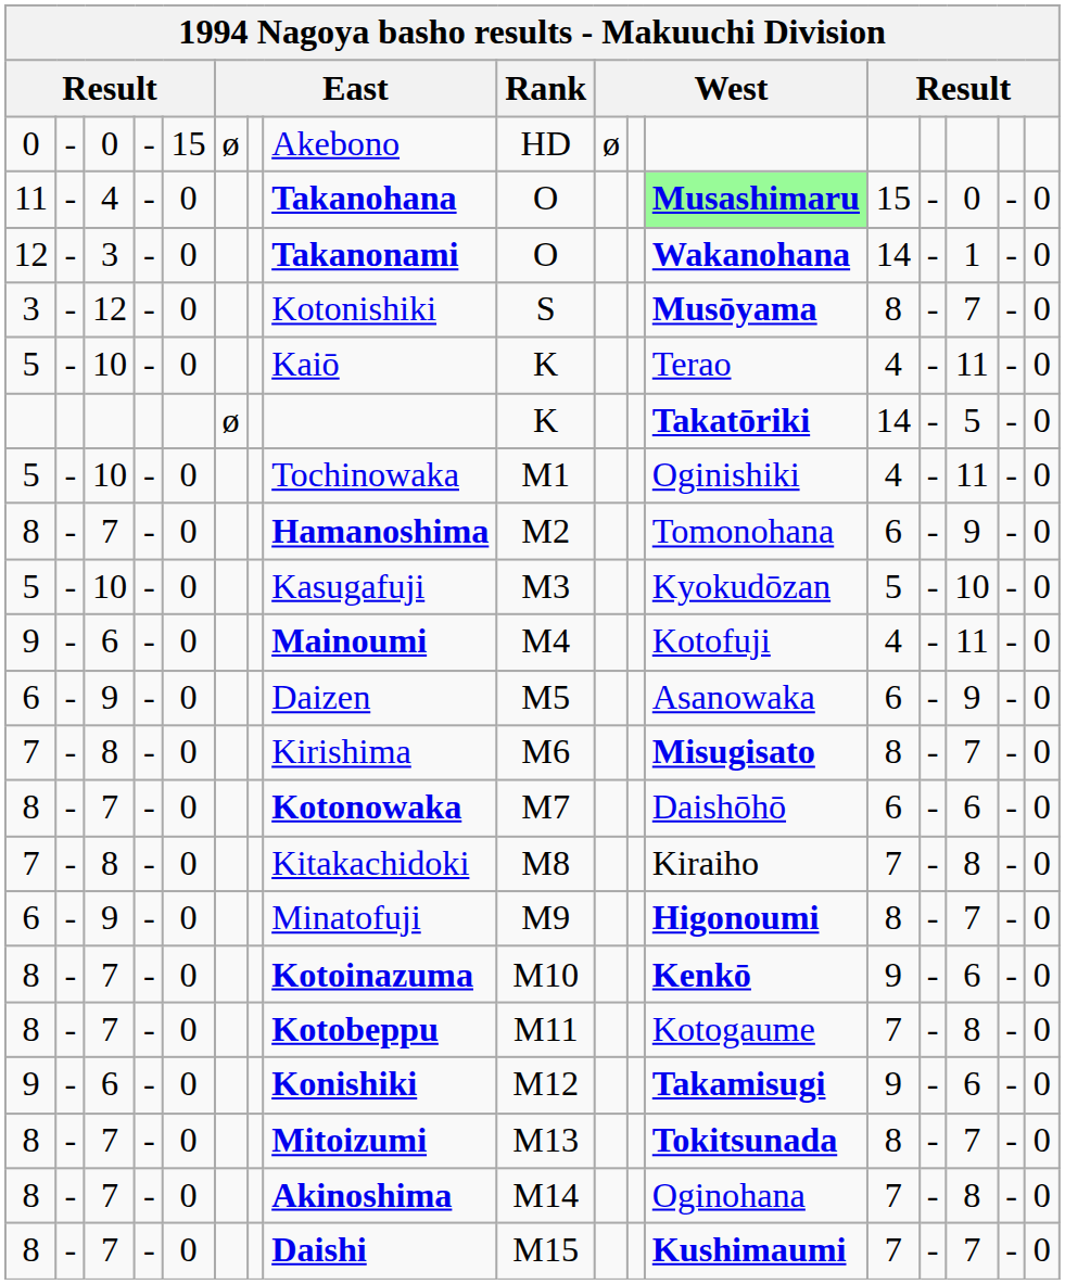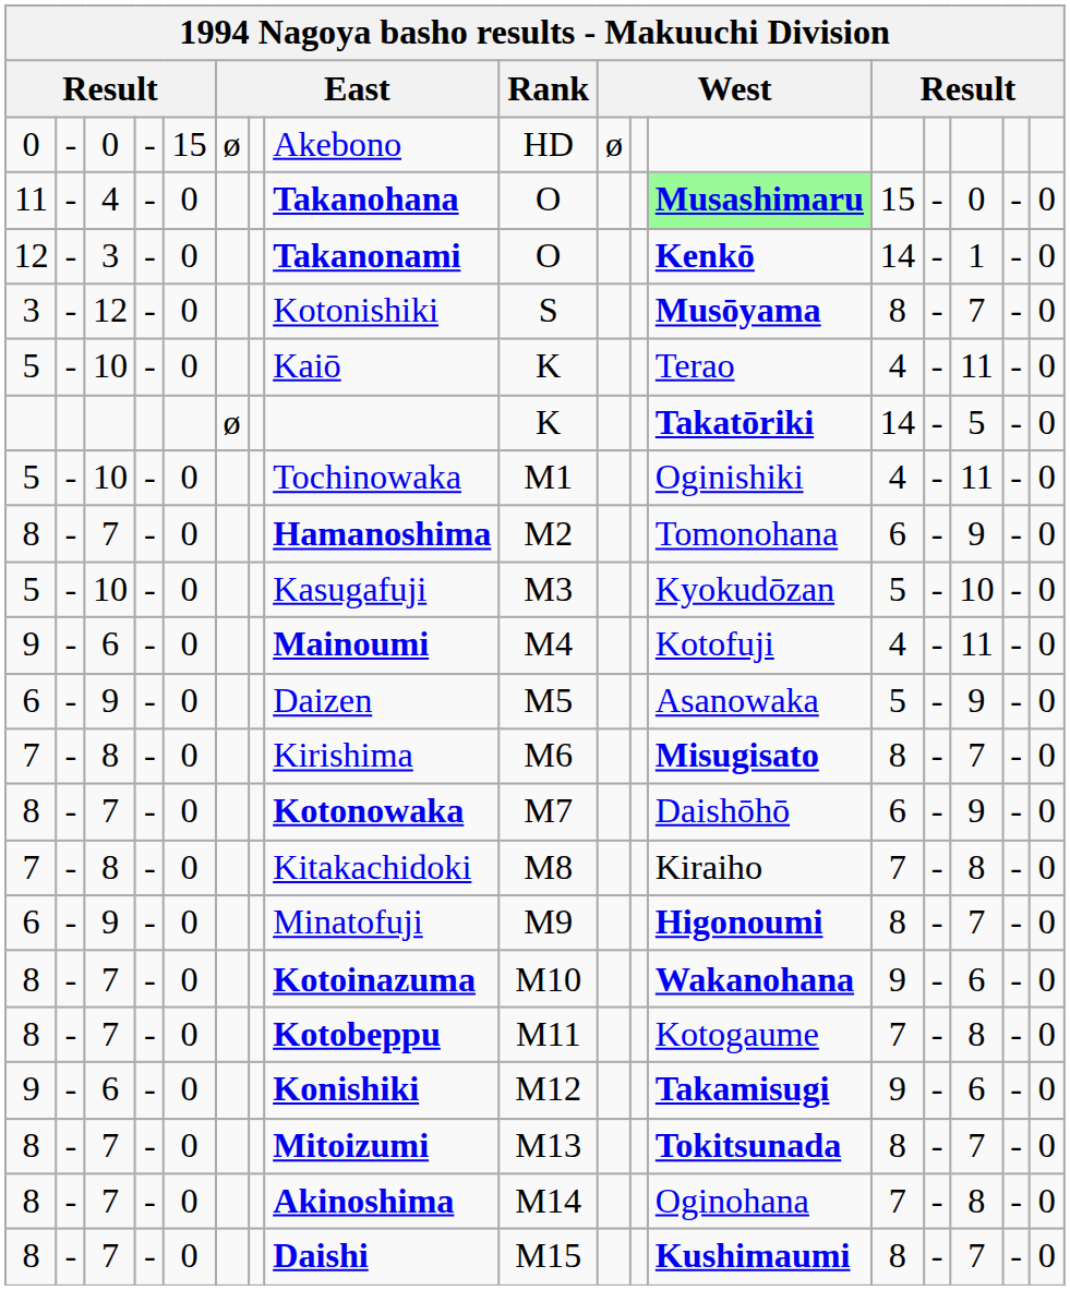 <table class="wikitable">
 <tr>
 <th colspan="17">1994 Nagoya basho results - Makuuchi Division</th>
 </tr>
 <tr>
 <th colspan="5">Result</th>
 <th colspan="3">East</th>
 <th>Rank</th>
 <th colspan="3">West</th>
 <th colspan="5">Result</th>
 </tr>
 <tr>
 <td align=center>0</td>
 <td align=center>-</td>
 <td align=center>0</td>
 <td align=center>-</td>
 <td align=center>15</td>
 <td align=center>ø</td>
 <td align=center></td>
 <td><a href='#'>Akebono</a></td>
 <td align=center>HD</td>
 <td align=center>ø</td>
 <td align=center></td>
 <td></td>
 <td align=center></td>
 <td align=center></td>
 <td align=center></td>
 <td align=center></td>
 <td align=center></td>
 </tr>
 <tr>
 <td align=center>11</td>
 <td align=center>-</td>
 <td align=center>4</td>
 <td align=center>-</td>
 <td align=center>0</td>
 <td align=center></td>
 <td align=center></td>
 <td><strong><a href='#'>Takanohana</a></strong></td>
 <td align=center>O</td>
 <td align=center></td>
 <td align=center></td>
 <td style="background: PaleGreen;"><strong><a href='#'>Musashimaru</a></strong></td>
 <td align=center>15</td>
 <td align=center>-</td>
 <td align=center>0</td>
 <td align=center>-</td>
 <td align=center>0</td>
 </tr>
 <tr>
 <td align=center>12</td>
 <td align=center>-</td>
 <td align=center>3</td>
 <td align=center>-</td>
 <td align=center>0</td>
 <td align=center></td>
 <td align=center></td>
 <td><strong><a href='#'>Takanonami</a></strong></td>
 <td align=center>O</td>
 <td align=center></td>
 <td align=center></td>
-<td><strong><a href='#'>Wakanohana</a></strong></td>
+<td><strong><a href='#'>Kenkō</a></strong></td>
 <td align=center>14</td>
 <td align=center>-</td>
 <td align=center>1</td>
 <td align=center>-</td>
 <td align=center>0</td>
 </tr>
 <tr>
 <td align=center>3</td>
 <td align=center>-</td>
 <td align=center>12</td>
 <td align=center>-</td>
 <td align=center>0</td>
 <td align=center></td>
 <td align=center></td>
 <td><a href='#'>Kotonishiki</a></td>
 <td align=center>S</td>
 <td align=center></td>
 <td align=center></td>
 <td><strong><a href='#'>Musōyama</a></strong></td>
 <td align=center>8</td>
 <td align=center>-</td>
 <td align=center>7</td>
 <td align=center>-</td>
 <td align=center>0</td>
 </tr>
 <tr>
 <td align=center>5</td>
 <td align=center>-</td>
 <td align=center>10</td>
 <td align=center>-</td>
 <td align=center>0</td>
 <td align=center></td>
 <td align=center></td>
 <td><a href='#'>Kaiō</a></td>
 <td align=center>K</td>
 <td align=center></td>
 <td align=center></td>
 <td><a href='#'>Terao</a></td>
 <td align=center>4</td>
 <td align=center>-</td>
 <td align=center>11</td>
 <td align=center>-</td>
 <td align=center>0</td>
 </tr>
 <tr>
 <td align=center></td>
 <td align=center></td>
 <td align=center></td>
 <td align=center></td>
 <td align=center></td>
 <td align=center>ø</td>
 <td align=center></td>
 <td></td>
 <td align=center>K</td>
 <td align=center></td>
 <td align=center></td>
 <td><strong><a href='#'>Takatōriki</a></strong></td>
 <td align=center>14</td>
 <td align=center>-</td>
 <td align=center>5</td>
 <td align=center>-</td>
 <td align=center>0</td>
 </tr>
 <tr>
 <td align=center>5</td>
 <td align=center>-</td>
 <td align=center>10</td>
 <td align=center>-</td>
 <td align=center>0</td>
 <td align=center></td>
 <td align=center></td>
 <td><a href='#'>Tochinowaka</a></td>
 <td align=center>M1</td>
 <td align=center></td>
 <td align=center></td>
 <td><a href='#'>Oginishiki</a></td>
 <td align=center>4</td>
 <td align=center>-</td>
 <td align=center>11</td>
 <td align=center>-</td>
 <td align=center>0</td>
 </tr>
 <tr>
 <td align=center>8</td>
 <td align=center>-</td>
 <td align=center>7</td>
 <td align=center>-</td>
 <td align=center>0</td>
 <td align=center></td>
 <td align=center></td>
 <td><strong><a href='#'>Hamanoshima</a></strong></td>
 <td align=center>M2</td>
 <td align=center></td>
 <td align=center></td>
 <td><a href='#'>Tomonohana</a></td>
 <td align=center>6</td>
 <td align=center>-</td>
 <td align=center>9</td>
 <td align=center>-</td>
 <td align=center>0</td>
 </tr>
 <tr>
 <td align=center>5</td>
 <td align=center>-</td>
 <td align=center>10</td>
 <td align=center>-</td>
 <td align=center>0</td>
 <td align=center></td>
 <td align=center></td>
 <td><a href='#'>Kasugafuji</a></td>
 <td align=center>M3</td>
 <td align=center></td>
 <td align=center></td>
 <td><a href='#'>Kyokudōzan</a></td>
 <td align=center>5</td>
 <td align=center>-</td>
 <td align=center>10</td>
 <td align=center>-</td>
 <td align=center>0</td>
 </tr>
 <tr>
 <td align=center>9</td>
 <td align=center>-</td>
 <td align=center>6</td>
 <td align=center>-</td>
 <td align=center>0</td>
 <td align=center></td>
 <td align=center></td>
 <td><strong><a href='#'>Mainoumi</a></strong></td>
 <td align=center>M4</td>
 <td align=center></td>
 <td align=center></td>
 <td><a href='#'>Kotofuji</a></td>
 <td align=center>4</td>
 <td align=center>-</td>
 <td align=center>11</td>
 <td align=center>-</td>
 <td align=center>0</td>
 </tr>
 <tr>
 <td align=center>6</td>
 <td align=center>-</td>
 <td align=center>9</td>
 <td align=center>-</td>
 <td align=center>0</td>
 <td align=center></td>
 <td align=center></td>
 <td><a href='#'>Daizen</a></td>
 <td align=center>M5</td>
 <td align=center></td>
 <td align=center></td>
 <td><a href='#'>Asanowaka</a></td>
-<td align=center>6</td>
+<td align=center>5</td>
 <td align=center>-</td>
 <td align=center>9</td>
 <td align=center>-</td>
 <td align=center>0</td>
 </tr>
 <tr>
 <td align=center>7</td>
 <td align=center>-</td>
 <td align=center>8</td>
 <td align=center>-</td>
 <td align=center>0</td>
 <td align=center></td>
 <td align=center></td>
 <td><a href='#'>Kirishima</a></td>
 <td align=center>M6</td>
 <td align=center></td>
 <td align=center></td>
 <td><strong><a href='#'>Misugisato</a></strong></td>
 <td align=center>8</td>
 <td align=center>-</td>
 <td align=center>7</td>
 <td align=center>-</td>
 <td align=center>0</td>
 </tr>
 <tr>
 <td align=center>8</td>
 <td align=center>-</td>
 <td align=center>7</td>
 <td align=center>-</td>
 <td align=center>0</td>
 <td align=center></td>
 <td align=center></td>
 <td><strong><a href='#'>Kotonowaka</a></strong></td>
 <td align=center>M7</td>
 <td align=center></td>
 <td align=center></td>
 <td><a href='#'>Daishōhō</a></td>
 <td align=center>6</td>
 <td align=center>-</td>
-<td align=center>6</td>
+<td align=center>9</td>
 <td align=center>-</td>
 <td align=center>0</td>
 </tr>
 <tr>
 <td align=center>7</td>
 <td align=center>-</td>
 <td align=center>8</td>
 <td align=center>-</td>
 <td align=center>0</td>
 <td align=center></td>
 <td align=center></td>
 <td><a href='#'>Kitakachidoki</a></td>
 <td align=center>M8</td>
 <td align=center></td>
 <td align=center></td>
 <td>Kiraiho</td>
 <td align=center>7</td>
 <td align=center>-</td>
 <td align=center>8</td>
 <td align=center>-</td>
 <td align=center>0</td>
 </tr>
 <tr>
 <td align=center>6</td>
 <td align=center>-</td>
 <td align=center>9</td>
 <td align=center>-</td>
 <td align=center>0</td>
 <td align=center></td>
 <td align=center></td>
 <td><a href='#'>Minatofuji</a></td>
 <td align=center>M9</td>
 <td align=center></td>
 <td align=center></td>
 <td><strong><a href='#'>Higonoumi</a></strong></td>
 <td align=center>8</td>
 <td align=center>-</td>
 <td align=center>7</td>
 <td align=center>-</td>
 <td align=center>0</td>
 </tr>
 <tr>
 <td align=center>8</td>
 <td align=center>-</td>
 <td align=center>7</td>
 <td align=center>-</td>
 <td align=center>0</td>
 <td align=center></td>
 <td align=center></td>
 <td><strong><a href='#'>Kotoinazuma</a></strong></td>
 <td align=center>M10</td>
 <td align=center></td>
 <td align=center></td>
-<td><strong><a href='#'>Kenkō</a></strong></td>
+<td><strong><a href='#'>Wakanohana</a></strong></td>
 <td align=center>9</td>
 <td align=center>-</td>
 <td align=center>6</td>
 <td align=center>-</td>
 <td align=center>0</td>
 </tr>
 <tr>
 <td align=center>8</td>
 <td align=center>-</td>
 <td align=center>7</td>
 <td align=center>-</td>
 <td align=center>0</td>
 <td align=center></td>
 <td align=center></td>
 <td><strong><a href='#'>Kotobeppu</a></strong></td>
 <td align=center>M11</td>
 <td align=center></td>
 <td align=center></td>
 <td><a href='#'>Kotogaume</a></td>
 <td align=center>7</td>
 <td align=center>-</td>
 <td align=center>8</td>
 <td align=center>-</td>
 <td align=center>0</td>
 </tr>
 <tr>
 <td align=center>9</td>
 <td align=center>-</td>
 <td align=center>6</td>
 <td align=center>-</td>
 <td align=center>0</td>
 <td align=center></td>
 <td align=center></td>
 <td><strong><a href='#'>Konishiki</a></strong></td>
 <td align=center>M12</td>
 <td align=center></td>
 <td align=center></td>
 <td><strong><a href='#'>Takamisugi</a></strong></td>
 <td align=center>9</td>
 <td align=center>-</td>
 <td align=center>6</td>
 <td align=center>-</td>
 <td align=center>0</td>
 </tr>
 <tr>
 <td align=center>8</td>
 <td align=center>-</td>
 <td align=center>7</td>
 <td align=center>-</td>
 <td align=center>0</td>
 <td align=center></td>
 <td align=center></td>
 <td><strong><a href='#'>Mitoizumi</a></strong></td>
 <td align=center>M13</td>
 <td align=center></td>
 <td align=center></td>
 <td><strong><a href='#'>Tokitsunada</a></strong></td>
 <td align=center>8</td>
 <td align=center>-</td>
 <td align=center>7</td>
 <td align=center>-</td>
 <td align=center>0</td>
 </tr>
 <tr>
 <td align=center>8</td>
 <td align=center>-</td>
 <td align=center>7</td>
 <td align=center>-</td>
 <td align=center>0</td>
 <td align=center></td>
 <td align=center></td>
 <td><strong><a href='#'>Akinoshima</a></strong></td>
 <td align=center>M14</td>
 <td align=center></td>
 <td align=center></td>
 <td><a href='#'>Oginohana</a></td>
 <td align=center>7</td>
 <td align=center>-</td>
 <td align=center>8</td>
 <td align=center>-</td>
 <td align=center>0</td>
 </tr>
 <tr>
 <td align=center>8</td>
 <td align=center>-</td>
 <td align=center>7</td>
 <td align=center>-</td>
 <td align=center>0</td>
 <td align=center></td>
 <td align=center></td>
 <td><strong><a href='#'>Daishi</a></strong></td>
 <td align=center>M15</td>
 <td align=center></td>
 <td align=center></td>
 <td><strong><a href='#'>Kushimaumi</a></strong></td>
-<td align=center>7</td>
+<td align=center>8</td>
 <td align=center>-</td>
 <td align=center>7</td>
 <td align=center>-</td>
 <td align=center>0</td>
 </tr>
 </table>
